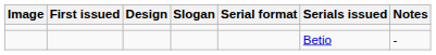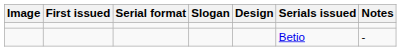 <table class="wikitable">
 <tr>
 <th>Image</th>
 <th>First issued</th>
+<th>Serial format</th>
+<th>Slogan</th>
 <th>Design</th>
-<th>Slogan</th>
-<th>Serial format</th>
 <th>Serials issued</th>
 <th>Notes</th>
 </tr>
 <tr>
 <td></td>
 <td></td>
 <td></td>
 <td></td>
 <td></td>
 <td></td>
 <td></td>
 </tr>
 <tr>
 <td></td>
 <td></td>
 <td></td>
 <td></td>
 <td></td>
 <td><a href='#'>Betio</a></td>
 <td>-</td>
 </tr>
 </table>
